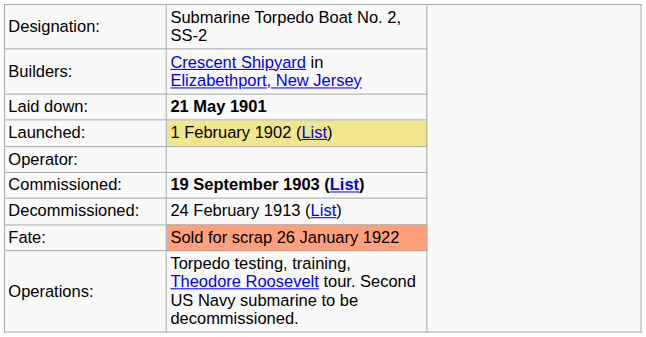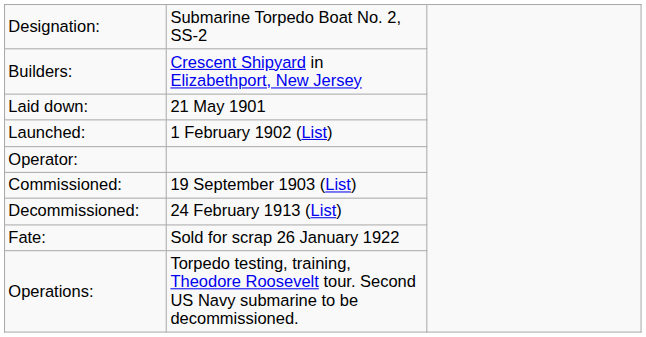 <table class="wikitable" width="70%">
 <tr>
 <td width="150">Designation:</td>
 <td>Submarine Torpedo Boat No. 2, SS-2</td>
 <td rowspan="9" width="200px"></td>
 </tr>
 <tr>
 <td>Builders:</td>
 <td><a href='#'>Crescent Shipyard</a> in <a href='#'>Elizabethport, New Jersey</a></td>
 </tr>
 <tr>
 <td>Laid down:</td>
-<td><strong>21 May 1901</strong></td>
+<td>21 May 1901</td>
 </tr>
 <tr>
 <td>Launched:</td>
-<td style="background: khaki;">1 February 1902 (<a href='#'>List</a>)</td>
+<td>1 February 1902 (<a href='#'>List</a>)</td>
 </tr>
 <tr>
 <td>Operator:</td>
 <td></td>
 </tr>
 <tr>
 <td>Commissioned:</td>
-<td><strong>19 September 1903 (<a href='#'>List</a>)</strong></td>
+<td>19 September 1903 (<a href='#'>List</a>)</td>
 </tr>
 <tr>
 <td>Decommissioned:</td>
 <td>24 February 1913 (<a href='#'>List</a>)</td>
 </tr>
 <tr>
 <td>Fate:</td>
-<td style="background: lightsalmon;">Sold for scrap 26 January 1922</td>
+<td>Sold for scrap 26 January 1922</td>
 </tr>
 <tr>
 <td>Operations:</td>
 <td>Torpedo testing, training, <a href='#'>Theodore Roosevelt</a> tour.  Second US Navy submarine to be decommissioned.</td>
 </tr>
 </table>
